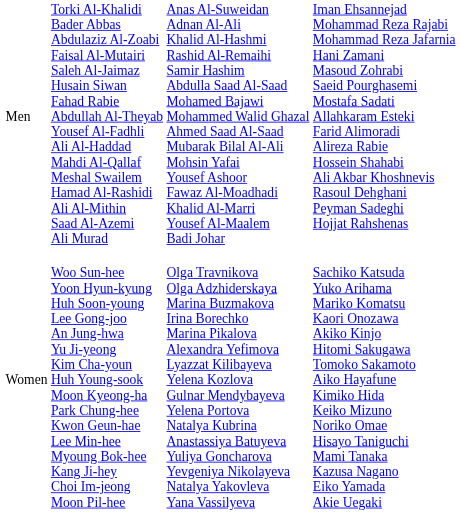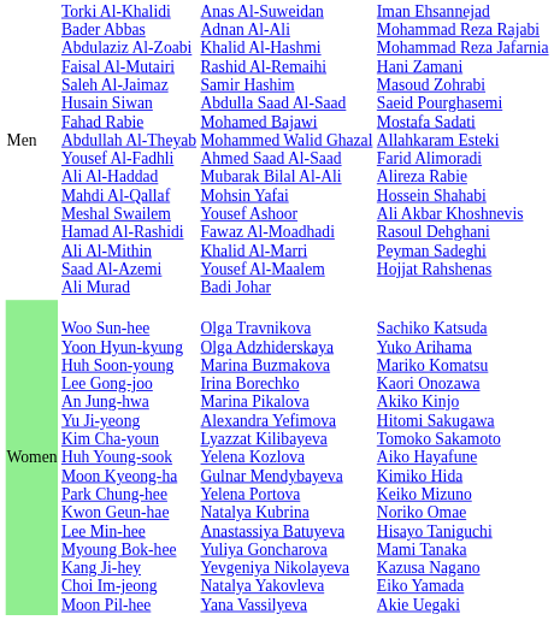 <table>
 <tr>
 <td>Men<br></td>
 <td><br><a href='#'>Torki Al-Khalidi</a><br><a href='#'>Bader Abbas</a><br><a href='#'>Abdulaziz Al-Zoabi</a><br><a href='#'>Faisal Al-Mutairi</a><br><a href='#'>Saleh Al-Jaimaz</a><br><a href='#'>Husain Siwan</a><br><a href='#'>Fahad Rabie</a><br><a href='#'>Abdullah Al-Theyab</a><br><a href='#'>Yousef Al-Fadhli</a><br><a href='#'>Ali Al-Haddad</a><br><a href='#'>Mahdi Al-Qallaf</a><br><a href='#'>Meshal Swailem</a><br><a href='#'>Hamad Al-Rashidi</a><br><a href='#'>Ali Al-Mithin</a><br><a href='#'>Saad Al-Azemi</a><br><a href='#'>Ali Murad</a></td>
 <td><br><a href='#'>Anas Al-Suweidan</a><br><a href='#'>Adnan Al-Ali</a><br><a href='#'>Khalid Al-Hashmi</a><br><a href='#'>Rashid Al-Remaihi</a><br><a href='#'>Samir Hashim</a><br><a href='#'>Abdulla Saad Al-Saad</a><br><a href='#'>Mohamed Bajawi</a><br><a href='#'>Mohammed Walid Ghazal</a><br><a href='#'>Ahmed Saad Al-Saad</a><br><a href='#'>Mubarak Bilal Al-Ali</a><br><a href='#'>Mohsin Yafai</a><br><a href='#'>Yousef Ashoor</a><br><a href='#'>Fawaz Al-Moadhadi</a><br><a href='#'>Khalid Al-Marri</a><br><a href='#'>Yousef Al-Maalem</a><br><a href='#'>Badi Johar</a></td>
 <td valign=top><br><a href='#'>Iman Ehsannejad</a><br><a href='#'>Mohammad Reza Rajabi</a><br><a href='#'>Mohammad Reza Jafarnia</a><br><a href='#'>Hani Zamani</a><br><a href='#'>Masoud Zohrabi</a><br><a href='#'>Saeid Pourghasemi</a><br><a href='#'>Mostafa Sadati</a><br><a href='#'>Allahkaram Esteki</a><br><a href='#'>Farid Alimoradi</a><br><a href='#'>Alireza Rabie</a><br><a href='#'>Hossein Shahabi</a><br><a href='#'>Ali Akbar Khoshnevis</a><br><a href='#'>Rasoul Dehghani</a><br><a href='#'>Peyman Sadeghi</a><br><a href='#'>Hojjat Rahshenas</a></td>
 </tr>
 <tr>
-<td>Women<br></td>
+<td style="background: lightgreen;">Women<br></td>
 <td><br><a href='#'>Woo Sun-hee</a><br><a href='#'>Yoon Hyun-kyung</a><br><a href='#'>Huh Soon-young</a><br><a href='#'>Lee Gong-joo</a><br><a href='#'>An Jung-hwa</a><br><a href='#'>Yu Ji-yeong</a><br><a href='#'>Kim Cha-youn</a><br><a href='#'>Huh Young-sook</a><br><a href='#'>Moon Kyeong-ha</a><br><a href='#'>Park Chung-hee</a><br><a href='#'>Kwon Geun-hae</a><br><a href='#'>Lee Min-hee</a><br><a href='#'>Myoung Bok-hee</a><br><a href='#'>Kang Ji-hey</a><br><a href='#'>Choi Im-jeong</a><br><a href='#'>Moon Pil-hee</a></td>
 <td><br><a href='#'>Olga Travnikova</a><br><a href='#'>Olga Adzhiderskaya</a><br><a href='#'>Marina Buzmakova</a><br><a href='#'>Irina Borechko</a><br><a href='#'>Marina Pikalova</a><br><a href='#'>Alexandra Yefimova</a><br><a href='#'>Lyazzat Kilibayeva</a><br><a href='#'>Yelena Kozlova</a><br><a href='#'>Gulnar Mendybayeva</a><br><a href='#'>Yelena Portova</a><br><a href='#'>Natalya Kubrina</a><br><a href='#'>Anastassiya Batuyeva</a><br><a href='#'>Yuliya Goncharova</a><br><a href='#'>Yevgeniya Nikolayeva</a><br><a href='#'>Natalya Yakovleva</a><br><a href='#'>Yana Vassilyeva</a></td>
 <td><br><a href='#'>Sachiko Katsuda</a><br><a href='#'>Yuko Arihama</a><br><a href='#'>Mariko Komatsu</a><br><a href='#'>Kaori Onozawa</a><br><a href='#'>Akiko Kinjo</a><br><a href='#'>Hitomi Sakugawa</a><br><a href='#'>Tomoko Sakamoto</a><br><a href='#'>Aiko Hayafune</a><br><a href='#'>Kimiko Hida</a><br><a href='#'>Keiko Mizuno</a><br><a href='#'>Noriko Omae</a><br><a href='#'>Hisayo Taniguchi</a><br><a href='#'>Mami Tanaka</a><br><a href='#'>Kazusa Nagano</a><br><a href='#'>Eiko Yamada</a><br><a href='#'>Akie Uegaki</a></td>
 </tr>
 </table>
